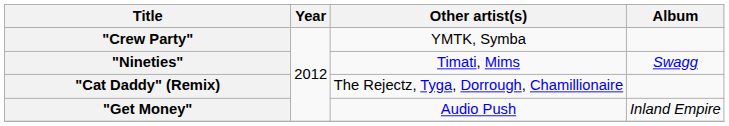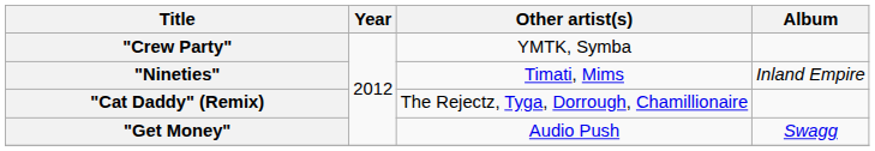 <table class="wikitable plainrowheaders" style="text-align:center;" border="1">
 <tr>
 <th scope="col" style="width:19em;">Title</th>
 <th scope="col">Year</th>
 <th scope="col">Other artist(s)</th>
 <th scope="col">Album</th>
 </tr>
 <tr>
 <th scope="row">"Crew Party"</th>
 <td rowspan="4">2012</td>
 <td>YMTK, Symba</td>
 <td></td>
 </tr>
 <tr>
 <th scope="row">"Nineties"</th>
 <td><a href='#'>Timati</a>, <a href='#'>Mims</a></td>
-<td><em><a href='#'>Swagg</a></em></td>
+<td><em>Inland Empire</em></td>
 </tr>
 <tr>
 <th scope="row">"Cat Daddy" (Remix)</th>
 <td>The Rejectz, <a href='#'>Tyga</a>, <a href='#'>Dorrough</a>, <a href='#'>Chamillionaire</a></td>
 <td></td>
 </tr>
 <tr>
 <th scope="row">"Get Money"</th>
 <td><a href='#'>Audio Push</a></td>
-<td><em>Inland Empire</em></td>
+<td><em><a href='#'>Swagg</a></em></td>
 </tr>
 <tr>
 </tr>
 </table>
